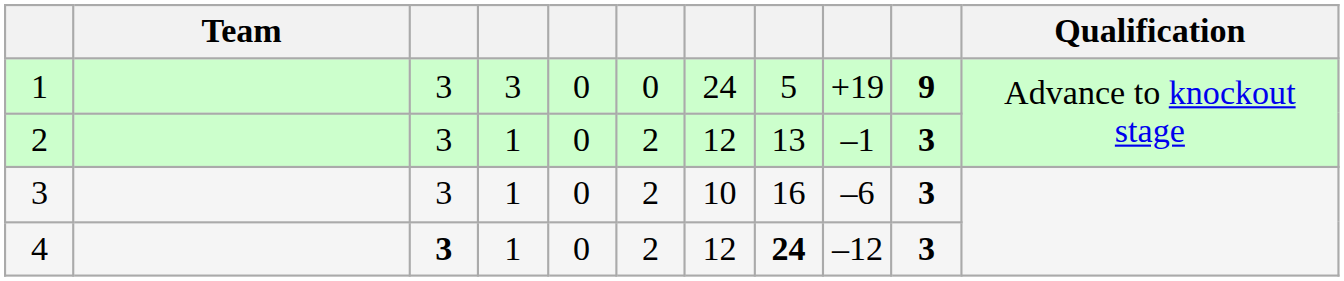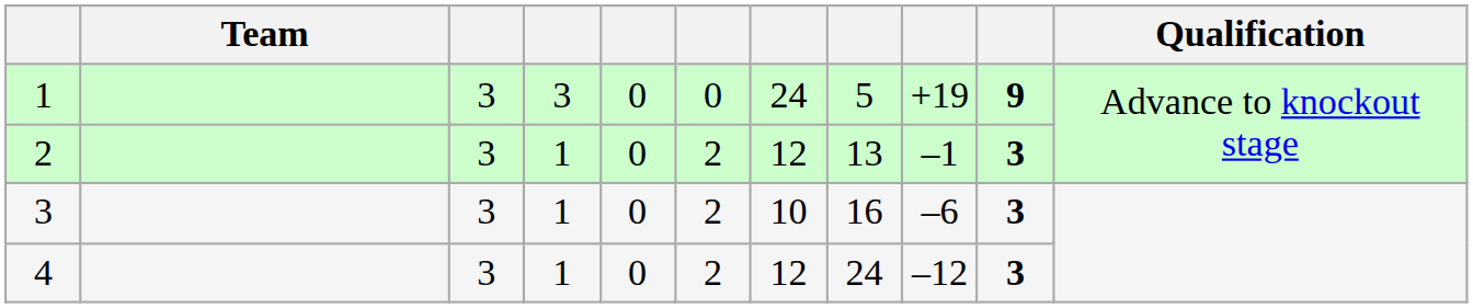 <table class="wikitable" style="text-align: center;">
 <tr>
 <th width="25"></th>
 <th width="150">Team</th>
 <th width="25"></th>
 <th width="25"></th>
 <th width="25"></th>
 <th width="25"></th>
 <th width="25"></th>
 <th width="25"></th>
 <th width="25"></th>
 <th width="25"></th>
 <th width="170">Qualification</th>
 </tr>
 <tr align=center style="background:#ccffcc;">
 <td>1</td>
 <td style="text-align:left;"></td>
 <td>3</td>
 <td>3</td>
 <td>0</td>
 <td>0</td>
 <td>24</td>
 <td>5</td>
 <td>+19</td>
 <td><strong>9</strong></td>
 <td rowspan="2">Advance to <a href='#'>knockout stage</a></td>
 </tr>
 <tr align=center style="background:#ccffcc;">
 <td>2</td>
 <td style="text-align:left;"></td>
 <td>3</td>
 <td>1</td>
 <td>0</td>
 <td>2</td>
 <td>12</td>
 <td>13</td>
 <td>–1</td>
 <td><strong>3</strong></td>
 </tr>
 <tr align=center style="background:#f5f5f5;">
 <td>3</td>
 <td style="text-align:left;"></td>
 <td>3</td>
 <td>1</td>
 <td>0</td>
 <td>2</td>
 <td>10</td>
 <td>16</td>
 <td>–6</td>
 <td><strong>3</strong></td>
 <td rowspan="2"></td>
 </tr>
 <tr align=center style="background:#f5f5f5;">
 <td>4</td>
 <td style="text-align:left;"></td>
-<td><strong>3</strong></td>
+<td>3</td>
 <td>1</td>
 <td>0</td>
 <td>2</td>
 <td>12</td>
-<td><strong>24</strong></td>
+<td>24</td>
 <td>–12</td>
 <td><strong>3</strong></td>
 </tr>
 </table>
